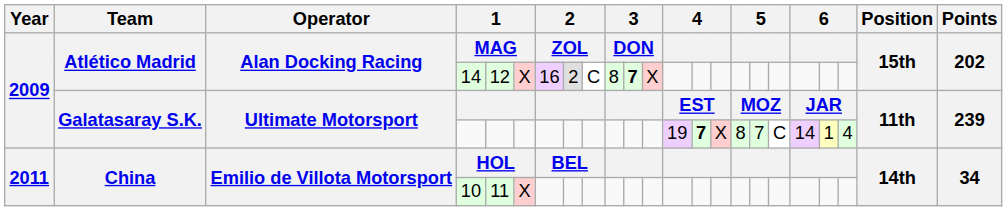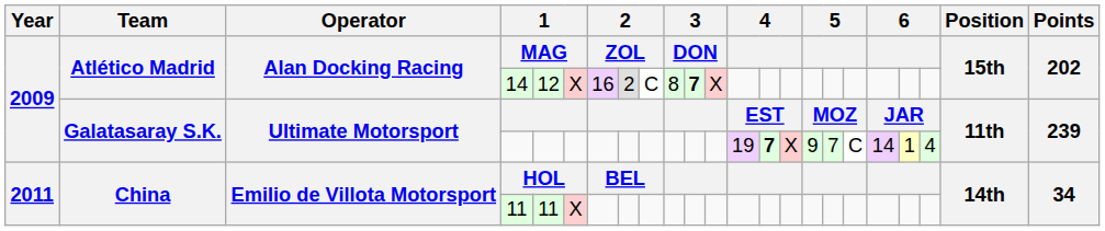 <table class="wikitable" style="text-align:center; font-size:85%">
 <tr>
 <th>Year</th>
 <th>Team</th>
 <th>Operator</th>
 <th colspan=3>1</th>
 <th colspan=3>2</th>
 <th colspan=3>3</th>
 <th colspan=3>4</th>
 <th colspan=3>5</th>
 <th colspan=3>6</th>
 <th>Position</th>
 <th>Points</th>
 </tr>
 <tr>
 <th rowspan=4><a href='#'>2009</a></th>
 <th rowspan=2 nowrap><a href='#'>Atlético Madrid</a></th>
 <th rowspan=2 nowrap><a href='#'>Alan Docking Racing</a></th>
 <th colspan=3><a href='#'>MAG</a></th>
 <th colspan=3><a href='#'>ZOL</a></th>
 <th colspan=3><a href='#'>DON</a></th>
 <th colspan=3></th>
 <th colspan=3></th>
 <th colspan=3></th>
 <th rowspan=2>15th</th>
 <th rowspan=2>202</th>
 </tr>
 <tr>
 <td style="background:#dfffdf;">14</td>
 <td style="background:#dfffdf;">12</td>
 <td style="background:#ffcfcf;">X</td>
 <td style="background:#efcfff;">16</td>
 <td style="background:#dfdfdf;">2</td>
 <td style="background:#ffffff;">C</td>
 <td style="background:#dfffdf;">8</td>
 <td style="background:#dfffdf;"><strong>7</strong></td>
 <td style="background:#ffcfcf;">X</td>
 <td></td>
 <td></td>
 <td></td>
 <td></td>
 <td></td>
 <td></td>
 <td></td>
 <td></td>
 <td></td>
 </tr>
 <tr>
 <th rowspan=2 nowrap><a href='#'>Galatasaray S.K.</a></th>
 <th rowspan=2 nowrap><a href='#'>Ultimate Motorsport</a></th>
 <th colspan=3></th>
 <th colspan=3></th>
 <th colspan=3></th>
 <th colspan=3><a href='#'>EST</a></th>
 <th colspan=3><a href='#'>MOZ</a></th>
 <th colspan=3><a href='#'>JAR</a></th>
 <th rowspan=2>11th</th>
 <th rowspan=2>239</th>
 </tr>
 <tr>
 <td></td>
 <td></td>
 <td></td>
 <td></td>
 <td></td>
 <td></td>
 <td></td>
 <td></td>
 <td></td>
 <td style="background:#efcfff;">19</td>
 <td style="background:#dfffdf;"><strong>7</strong></td>
 <td style="background:#ffcfcf;">X</td>
-<td style="background:#dfffdf;">8</td>
+<td style="background:#dfffdf;">9</td>
 <td style="background:#dfffdf;">7</td>
 <td style="background:#ffffff;">C</td>
 <td style="background:#efcfff;">14</td>
 <td style="background:#ffffbf;">1</td>
 <td style="background:#dfffdf;">4</td>
 </tr>
 <tr>
 <th rowspan=2><a href='#'>2011</a></th>
 <th rowspan=2><a href='#'>China</a></th>
 <th rowspan=2><a href='#'>Emilio de Villota Motorsport</a></th>
 <th colspan=3><a href='#'>HOL</a></th>
 <th colspan=3><a href='#'>BEL</a></th>
 <th colspan=3></th>
 <th colspan=3></th>
 <th colspan=3></th>
 <th colspan=3></th>
 <th rowspan=2>14th</th>
 <th rowspan=2>34</th>
 </tr>
 <tr>
-<td style="background:#dfffdf;">10</td>
+<td style="background:#dfffdf;">11</td>
 <td style="background:#dfffdf;">11</td>
 <td style="background:#ffcfcf;">X</td>
 <td></td>
 <td></td>
 <td></td>
 <td></td>
 <td></td>
 <td></td>
 <td></td>
 <td></td>
 <td></td>
 <td></td>
 <td></td>
 <td></td>
 <td></td>
 <td></td>
 <td></td>
 </tr>
 </table>
